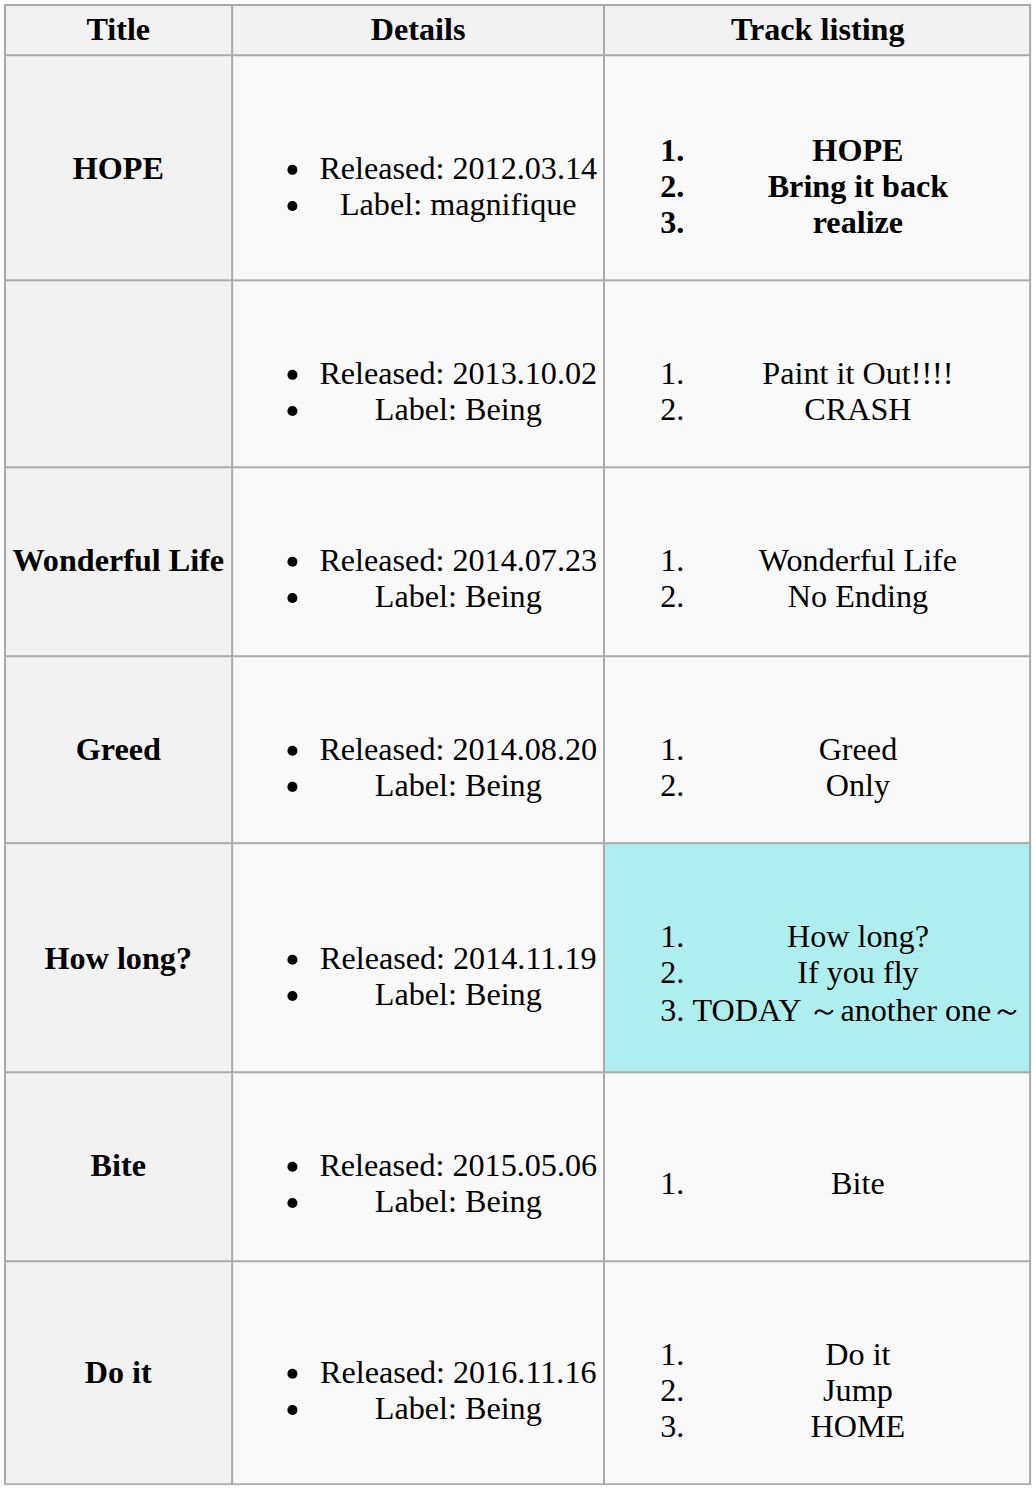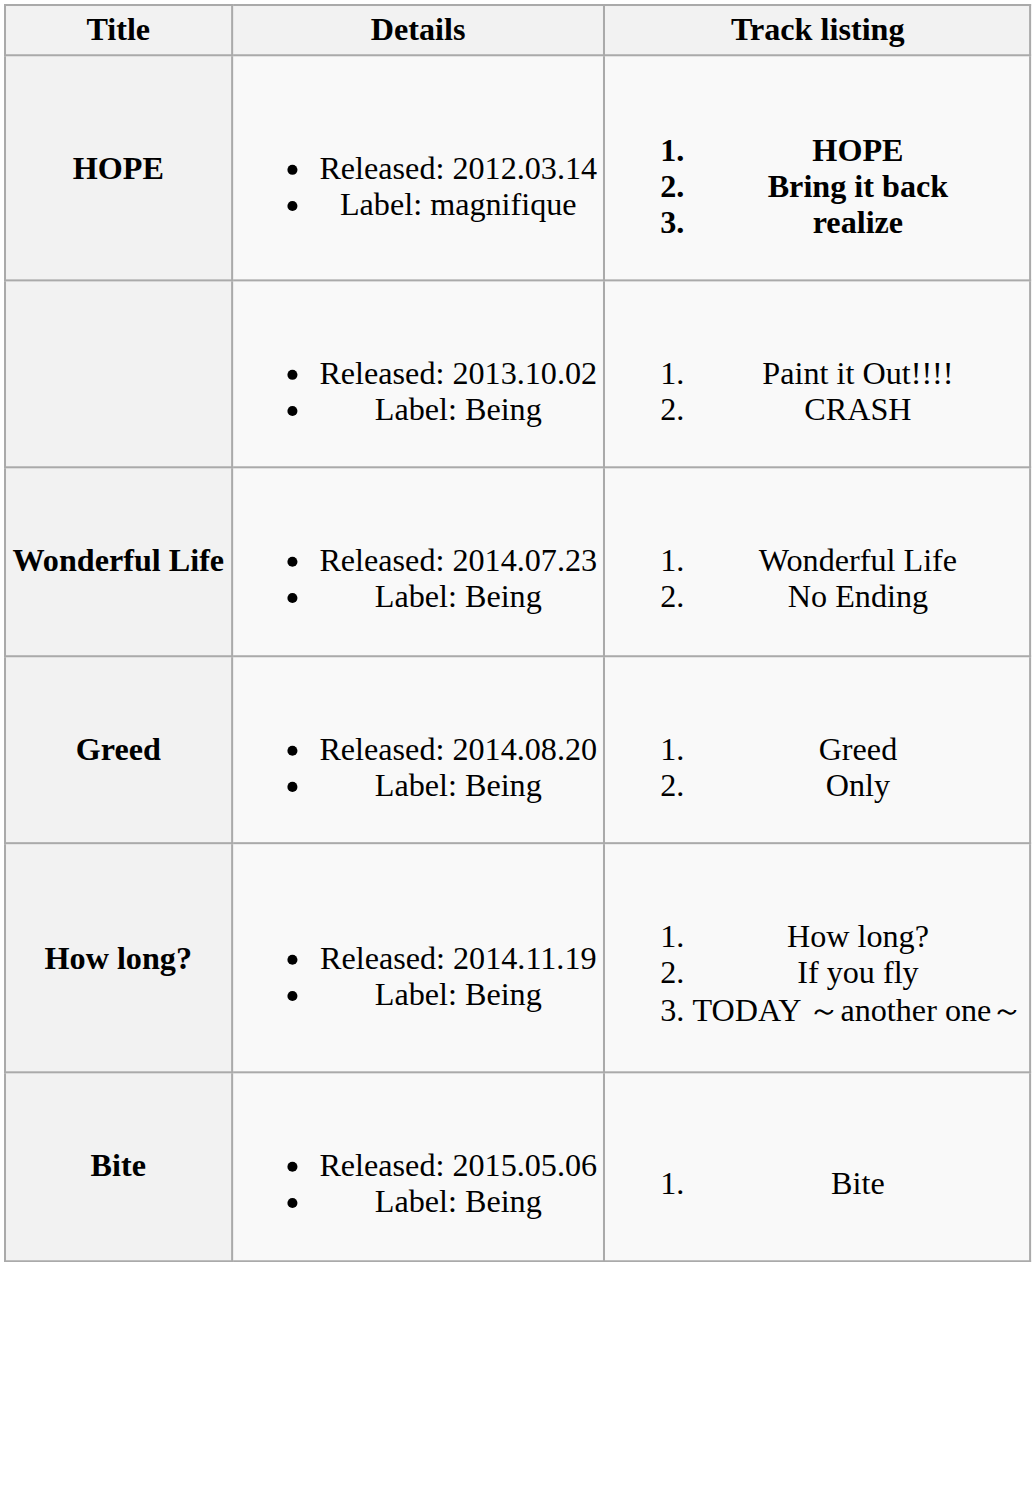 <table class="wikitable" ; style="text-align:center; style:vertical-align:middle;">
 <tr>
 <th>Title</th>
 <th>Details</th>
 <th>Track listing</th>
 </tr>
 <tr>
 <th>HOPE</th>
 <td><br><ul><li>Released: 2012.03.14</li><li>Label: magnifique</li></ul></td>
 <td><strong><br><ol><li>HOPE</li><li>Bring it back</li><li>realize</li></ol></strong></td>
 </tr>
 <tr>
 <th></th>
 <td><br><ul><li>Released: 2013.10.02</li><li>Label: Being</li></ul></td>
 <td><br><ol><li>Paint it Out!!!!</li><li>CRASH</li></ol></td>
 </tr>
 <tr>
 <th>Wonderful Life</th>
 <td><br><ul><li>Released: 2014.07.23</li><li>Label: Being</li></ul></td>
 <td><br><ol><li>Wonderful Life</li><li>No Ending</li></ol></td>
 </tr>
 <tr>
 <th>Greed</th>
 <td><br><ul><li>Released: 2014.08.20</li><li>Label: Being</li></ul></td>
 <td><br><ol><li>Greed</li><li>Only</li></ol></td>
 </tr>
 <tr>
 <th>How long?</th>
 <td><br><ul><li>Released: 2014.11.19</li><li>Label: Being</li></ul></td>
-<td style="background: paleturquoise;"><br><ol><li>How long?</li><li>If you fly</li><li>TODAY ～another one～</li></ol></td>
+<td><br><ol><li>How long?</li><li>If you fly</li><li>TODAY ～another one～</li></ol></td>
 </tr>
 <tr>
 <th>Bite</th>
 <td><br><ul><li>Released: 2015.05.06</li><li>Label: Being</li></ul></td>
 <td><br><ol><li>Bite</li></ol></td>
 </tr>
-<tr>
-<th>Do it</th>
-<td><br><ul><li>Released: 2016.11.16</li><li>Label: Being</li></ul></td>
-<td><br><ol><li>Do it</li><li>Jump</li><li>HOME</li></ol></td>
-</tr>
 </table>
